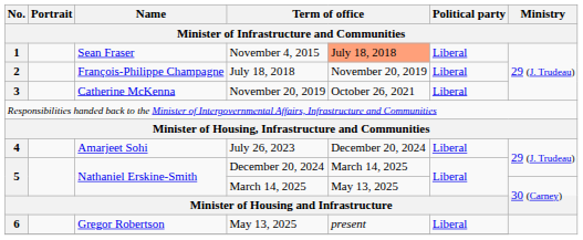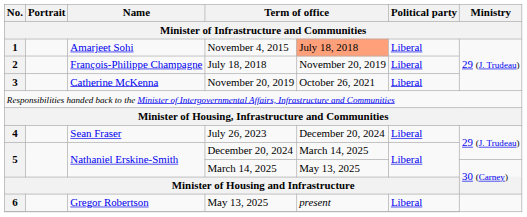 <table class="wikitable">
 <tr>
 <th>No.</th>
 <th>Portrait</th>
 <th>Name</th>
 <th colspan=2>Term of office</th>
 <th>Political party</th>
 <th>Ministry</th>
 </tr>
 <tr>
 <th colspan="7">Minister of Infrastructure and Communities</th>
 </tr>
 <tr>
 <th style="background:">1</th>
 <td></td>
-<td><a href='#'>Sean Fraser</a></td>
+<td><a href='#'>Amarjeet Sohi</a></td>
 <td>November 4, 2015</td>
 <td style="background: lightsalmon;">July 18, 2018</td>
 <td><a href='#'>Liberal</a></td>
 <td rowspan=3><a href='#'>29</a> <small>(<a href='#'>J. Trudeau</a>)</small></td>
 </tr>
 <tr>
 <th style="background:">2</th>
 <td></td>
 <td><a href='#'>François-Philippe Champagne</a></td>
 <td>July 18, 2018</td>
 <td>November 20, 2019</td>
 <td><a href='#'>Liberal</a></td>
 </tr>
 <tr>
 <th style="background:">3</th>
 <td></td>
 <td><a href='#'>Catherine McKenna</a></td>
 <td>November 20, 2019</td>
 <td>October 26, 2021</td>
 <td><a href='#'>Liberal</a></td>
 </tr>
 <tr>
 <td colspan="7"><em><small>Responsibilities handed back to the <a href='#'>Minister of Intergovernmental Affairs, Infrastructure and Communities</a></small></em></td>
 </tr>
 <tr>
 <th colspan="7">Minister of Housing, Infrastructure and Communities</th>
 </tr>
 <tr>
 <th style="background:">4</th>
 <td></td>
-<td><a href='#'>Amarjeet Sohi</a></td>
+<td><a href='#'>Sean Fraser</a></td>
 <td>July 26, 2023</td>
 <td>December 20, 2024</td>
 <td><a href='#'>Liberal</a></td>
 <td rowspan="2"><a href='#'>29</a> <small>(<a href='#'>J. Trudeau</a>)</small></td>
 </tr>
 <tr>
 <th rowspan="2" style="background:">5</th>
 <td rowspan="2"></td>
 <td rowspan="2"><a href='#'>Nathaniel Erskine-Smith</a></td>
 <td>December 20, 2024</td>
 <td>March 14, 2025</td>
 <td rowspan="2"><a href='#'>Liberal</a></td>
 </tr>
 <tr>
 <td>March 14, 2025</td>
 <td>May 13, 2025</td>
 <td rowspan="2"><a href='#'>30</a> <small>(<a href='#'>Carney</a>)</small></td>
 </tr>
 <tr>
 <th colspan="7">Minister of Housing and Infrastructure</th>
 </tr>
 <tr>
 <th style="background:">6</th>
 <td></td>
 <td><a href='#'>Gregor Robertson</a></td>
 <td>May 13, 2025</td>
 <td><em>present</em></td>
 <td><a href='#'>Liberal</a></td>
 </tr>
 <tr>
 </tr>
 </table>
